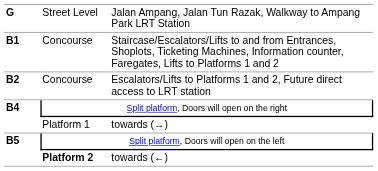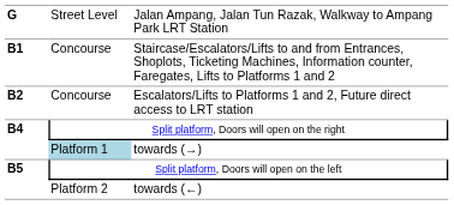 <table table border=0 cellspacing=0 cellpadding=3>
 <tr>
 <td style="border-top:solid 1px grey;border-bottom:solid 1px grey;" width=50 valign=top><strong>G</strong></td>
 <td style="border-top:solid 1px grey;border-bottom:solid 1px grey;" width=100 valign=top>Street Level</td>
 <td style="border-top:solid 1px grey;border-bottom:solid 1px grey;" width=400 valign=top>Jalan Ampang, Jalan Tun Razak, Walkway to Ampang Park LRT Station</td>
 </tr>
 <tr>
 <td style="border-bottom:solid 1px grey;" width=50 valign=top><strong>B1</strong></td>
 <td style="border-bottom:solid 1px grey;" width=100 valign=top>Concourse</td>
 <td style="border-bottom:solid 1px grey;" width=400 valign=top>Staircase/Escalators/Lifts to and from Entrances, Shoplots, Ticketing Machines, Information counter, Faregates, Lifts to Platforms 1 and 2</td>
 </tr>
 <tr>
 <td style="border-bottom:solid 1px grey;" width=50 valign=top><strong>B2</strong></td>
 <td style="border-bottom:solid 1px grey;" width=100 valign=top>Concourse</td>
 <td style="border-bottom:solid 1px grey;" width=400 valign=top>Escalators/Lifts to Platforms 1 and 2, Future direct access to LRT station</td>
 </tr>
 <tr>
 <td rowspan="2" style="border-bottom:solid 1px grey;" valign="top"><strong>B4</strong></td>
 <td style="border-right:solid 2px black;border-left:solid 2px black;border-bottom:solid 2px black;text-align:center;" colspan=2><small><a href='#'>Split platform</a>, Doors will open on the right</small></td>
 </tr>
 <tr>
-<td style="border-bottom:solid 1px grey;">Platform 1</td>
+<td style="background: lightblue; border-bottom:solid 1px grey;">Platform 1</td>
 <td style="border-bottom:solid 1px grey;">  towards   (→)</td>
 </tr>
 <tr>
 <td rowspan="2" style="border-bottom:solid 1px grey;" valign="top"><strong>B5</strong></td>
 <td colspan="2" style="border-right:solid 2px black;border-left:solid 2px black;border-bottom:solid 2px black;text-align:center;"><small><a href='#'>Split platform</a>, Doors will open on the left</small></td>
 </tr>
 <tr>
-<td style="border-bottom:solid 1px grey;"><strong>Platform 2</strong></td>
+<td style="border-bottom:solid 1px grey;">Platform 2</td>
 <td style="border-bottom:solid 1px grey;">  towards   (←)</td>
 </tr>
 <tr>
 </tr>
 </table>
